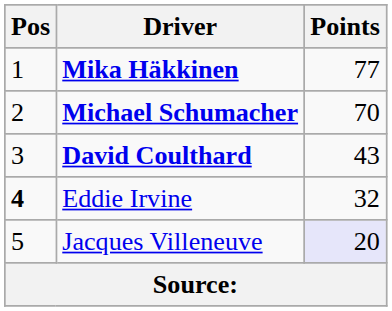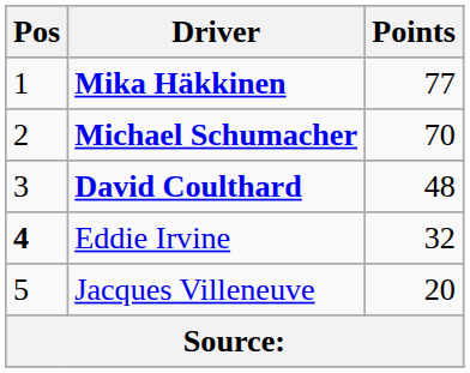 <table class="wikitable" style="font-size: 95%;">
 <tr>
 <th>Pos</th>
 <th>Driver</th>
 <th>Points</th>
 </tr>
 <tr>
 <td>1</td>
 <td> <strong><a href='#'>Mika Häkkinen</a></strong></td>
 <td align="right">77</td>
 </tr>
 <tr>
 <td>2</td>
 <td> <strong><a href='#'>Michael Schumacher</a></strong></td>
 <td align="right">70</td>
 </tr>
 <tr>
 <td>3</td>
 <td> <strong><a href='#'>David Coulthard</a></strong></td>
-<td align="right">43</td>
+<td align="right">48</td>
 </tr>
 <tr>
 <td><strong>4</strong></td>
 <td> <a href='#'>Eddie Irvine</a></td>
 <td align="right">32</td>
 </tr>
 <tr>
 <td>5</td>
 <td> <a href='#'>Jacques Villeneuve</a></td>
-<td align="right" style="background: lavender;">20</td>
+<td align="right">20</td>
 </tr>
 <tr>
 <th colspan=4>Source: </th>
 </tr>
 </table>
